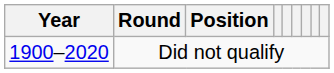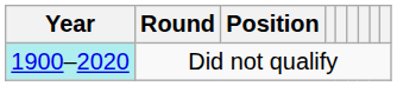 <table class="wikitable" style="text-align: center;font-size:90%;">
 <tr>
 <th>Year</th>
 <th>Round</th>
 <th>Position</th>
 <th></th>
 <th></th>
 <th></th>
 <th></th>
 <th></th>
 <th></th>
 </tr>
 <tr>
-<td><a href='#'>1900</a>–<a href='#'>2020</a></td>
+<td style="background: paleturquoise;"><a href='#'>1900</a>–<a href='#'>2020</a></td>
 <td colspan=8 rowspan=1>Did not qualify</td>
 </tr>
 </table>
